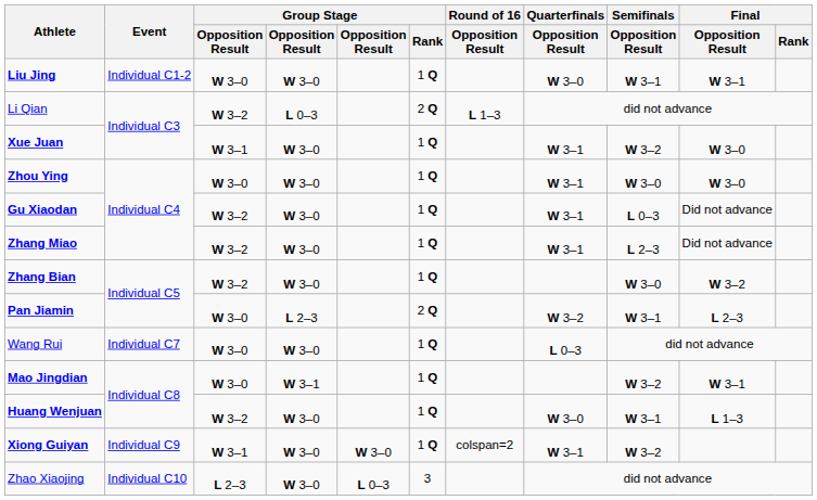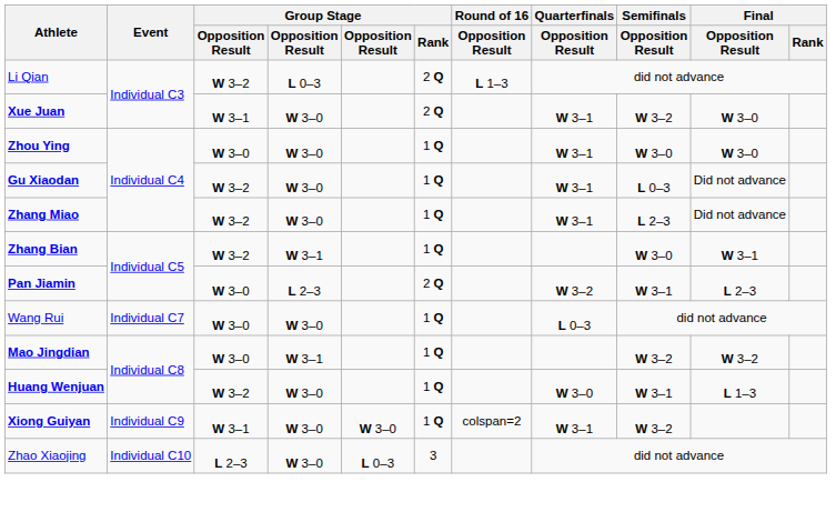 <table class=wikitable style="font-size:90%">
 <tr>
 <th rowspan="2">Athlete</th>
 <th rowspan="2">Event</th>
 <th colspan="4">Group Stage</th>
 <th>Round of 16</th>
 <th>Quarterfinals</th>
 <th>Semifinals</th>
 <th colspan="2">Final</th>
 </tr>
 <tr>
 <th>Opposition<br>Result</th>
 <th>Opposition<br>Result</th>
 <th>Opposition<br>Result</th>
 <th>Rank</th>
 <th>Opposition<br>Result</th>
 <th>Opposition<br>Result</th>
 <th>Opposition<br>Result</th>
 <th>Opposition<br>Result</th>
 <th>Rank</th>
 </tr>
 <tr align=center>
-<td align=left><strong><a href='#'>Liu Jing</a></strong></td>
-<td align=left><a href='#'>Individual C1-2</a></td>
-<td><br><strong>W</strong> 3–0</td>
-<td><br><strong>W</strong> 3–0</td>
-<td></td>
-<td>1 <strong>Q</strong></td>
-<td></td>
-<td><br><strong>W</strong> 3–0</td>
-<td><br><strong>W</strong> 3–1</td>
-<td><br><strong>W</strong> 3–1</td>
-<td></td>
-</tr>
-<tr align=center>
 <td align=left><a href='#'>Li Qian</a></td>
 <td align=left rowspan="2"><a href='#'>Individual C3</a></td>
 <td><br><strong>W</strong> 3–2</td>
 <td><br><strong>L</strong> 0–3</td>
 <td></td>
 <td>2 <strong>Q</strong></td>
 <td><br><strong>L</strong> 1–3</td>
 <td colspan=4>did not advance</td>
 </tr>
 <tr align=center>
 <td align=left><strong><a href='#'>Xue Juan</a></strong></td>
 <td><br><strong>W</strong> 3–1</td>
 <td><br><strong>W</strong> 3–0</td>
 <td></td>
-<td>1 <strong>Q</strong></td>
+<td>2 <strong>Q</strong></td>
 <td></td>
 <td><br><strong>W</strong> 3–1</td>
 <td><br><strong>W</strong> 3–2</td>
 <td><br><strong>W</strong> 3–0</td>
 <td></td>
 </tr>
 <tr align=center>
 <td align=left><strong><a href='#'>Zhou Ying</a></strong></td>
 <td align=left rowspan="3" align="left"><a href='#'>Individual C4</a></td>
 <td><br><strong>W</strong> 3–0</td>
 <td><br><strong>W</strong> 3–0</td>
 <td></td>
 <td>1 <strong>Q</strong></td>
 <td></td>
 <td><br><strong>W</strong> 3–1</td>
 <td><br><strong>W</strong> 3–0</td>
 <td><br><strong>W</strong> 3–0</td>
 <td></td>
 </tr>
 <tr align=center>
 <td align=left><strong><a href='#'>Gu Xiaodan</a></strong></td>
 <td><br><strong>W</strong> 3–2</td>
 <td><br><strong>W</strong> 3–0</td>
 <td></td>
 <td>1 <strong>Q</strong></td>
 <td></td>
 <td><br><strong>W</strong> 3–1</td>
 <td><br><strong>L</strong> 0–3</td>
 <td>Did not advance</td>
 <td></td>
 </tr>
 <tr align=center>
 <td align=left><strong><a href='#'>Zhang Miao</a></strong></td>
 <td><br><strong>W</strong> 3–2</td>
 <td><br><strong>W</strong> 3–0</td>
 <td></td>
 <td>1 <strong>Q</strong></td>
 <td></td>
 <td><br><strong>W</strong> 3–1</td>
 <td><br><strong>L</strong> 2–3</td>
 <td>Did not advance</td>
 <td></td>
 </tr>
 <tr align=center>
 <td align=left><strong><a href='#'>Zhang Bian</a></strong></td>
 <td align=left rowspan="2"><a href='#'>Individual C5</a></td>
 <td><br><strong>W</strong> 3–2</td>
-<td><br><strong>W</strong> 3–0</td>
+<td><br><strong>W</strong> 3–1</td>
 <td></td>
 <td>1 <strong>Q</strong></td>
 <td></td>
 <td></td>
 <td><br><strong>W</strong> 3–0</td>
-<td><br><strong>W</strong> 3–2</td>
+<td><br><strong>W</strong> 3–1</td>
 <td></td>
 </tr>
 <tr align=center>
 <td align=left><strong><a href='#'>Pan Jiamin</a></strong></td>
 <td><br><strong>W</strong> 3–0</td>
 <td><br><strong>L</strong> 2–3</td>
 <td></td>
 <td>2 <strong>Q</strong></td>
 <td></td>
 <td><br><strong>W</strong> 3–2</td>
 <td><br><strong>W</strong> 3–1</td>
 <td><br><strong>L</strong> 2–3</td>
 <td></td>
 </tr>
 <tr align=center>
 <td align=left><a href='#'>Wang Rui</a></td>
 <td align=left><a href='#'>Individual C7</a></td>
 <td><br><strong>W</strong> 3–0</td>
 <td><br><strong>W</strong> 3–0</td>
 <td></td>
 <td>1 <strong>Q</strong></td>
 <td></td>
 <td><br><strong>L</strong> 0–3</td>
 <td colspan=3>did not advance</td>
 </tr>
 <tr align=center>
 <td align=left><strong><a href='#'>Mao Jingdian</a></strong></td>
 <td align=left rowspan="2"><a href='#'>Individual C8</a></td>
 <td><br><strong>W</strong> 3–0</td>
 <td><br><strong>W</strong> 3–1</td>
 <td></td>
 <td>1 <strong>Q</strong></td>
 <td></td>
 <td></td>
 <td><br><strong>W</strong> 3–2</td>
-<td><br><strong>W</strong> 3–1</td>
+<td><br><strong>W</strong> 3–2</td>
 <td></td>
 </tr>
 <tr align=center>
 <td align=left><strong><a href='#'>Huang Wenjuan</a></strong></td>
 <td><br><strong>W</strong> 3–2</td>
 <td><br><strong>W</strong> 3–0</td>
 <td></td>
 <td>1 <strong>Q</strong></td>
 <td></td>
 <td><br><strong>W</strong> 3–0</td>
 <td><br><strong>W</strong> 3–1</td>
 <td><br><strong>L</strong> 1–3</td>
 <td></td>
 </tr>
 <tr align=center>
 <td align=left><strong><a href='#'>Xiong Guiyan</a></strong></td>
 <td align=left><a href='#'>Individual C9</a></td>
 <td><br><strong>W</strong> 3–1</td>
 <td><br><strong>W</strong> 3–0</td>
 <td><br><strong>W</strong> 3–0</td>
 <td>1 <strong>Q</strong></td>
 <td>colspan=2 </td>
 <td><br><strong>W</strong> 3–1</td>
 <td><br><strong>W</strong> 3–2</td>
 <td></td>
 </tr>
 <tr align=center>
 <td align=left><a href='#'>Zhao Xiaojing</a></td>
 <td align=left><a href='#'>Individual C10</a></td>
 <td><br><strong>L</strong> 2–3</td>
 <td><br><strong>W</strong> 3–0</td>
 <td><br><strong>L</strong> 0–3</td>
 <td>3</td>
 <td></td>
 <td colspan=4>did not advance</td>
 </tr>
 </table>
